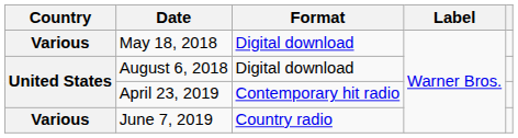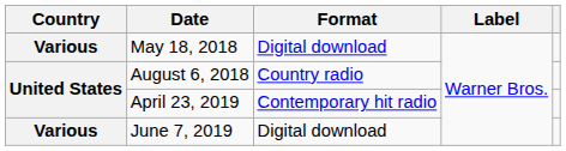 <table class="wikitable plainrowheaders">
 <tr>
 <th>Country</th>
 <th>Date</th>
 <th>Format</th>
 <th>Label</th>
 <th></th>
 </tr>
 <tr>
 <th scope="row">Various</th>
 <td>May 18, 2018</td>
 <td><a href='#'>Digital download</a></td>
 <td rowspan="4"><a href='#'>Warner Bros.</a></td>
 <td></td>
 </tr>
 <tr>
 <th scope="row" rowspan="2">United States</th>
 <td>August 6, 2018</td>
-<td>Digital download </td>
+<td><a href='#'>Country radio</a></td>
 <td></td>
 </tr>
 <tr>
 <td>April 23, 2019</td>
 <td><a href='#'>Contemporary hit radio</a></td>
 <td></td>
 </tr>
 <tr>
 <th scope="row">Various</th>
 <td>June 7, 2019</td>
-<td><a href='#'>Country radio</a></td>
+<td>Digital download </td>
 <td></td>
 </tr>
 </table>
